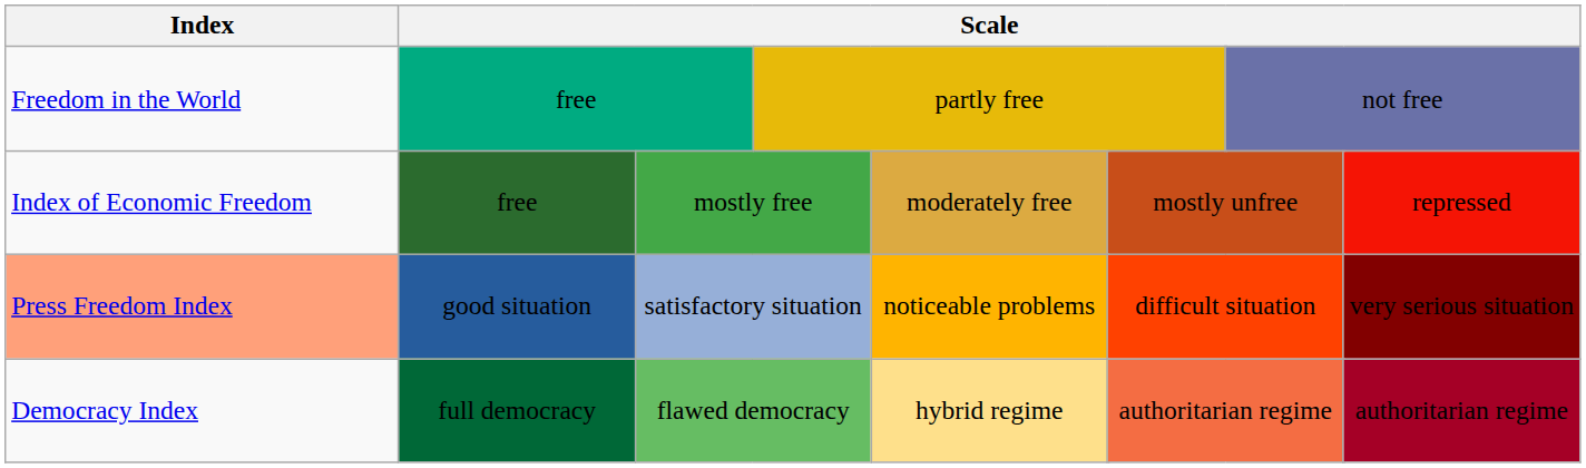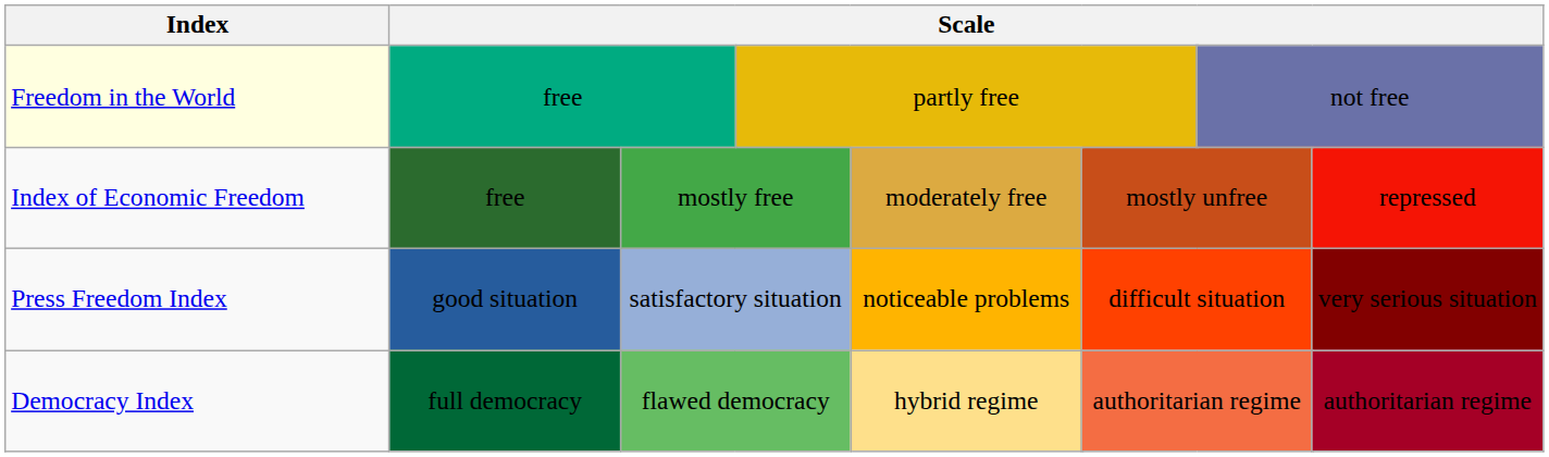 <table class="wikitable" style="text-align:center;">
 <tr>
 <th>Index</th>
 <th colspan="60">Scale</th>
 </tr>
 <tr>
-<td style="width:25%; height:3.5em; text-align:left;"><a href='#'>Freedom in the World</a></td>
+<td style="background: lightyellow; width:25%; height:3.5em; text-align:left;"><a href='#'>Freedom in the World</a></td>
 <td colspan="20"  style="width:25%; background:rgb(0, 171, 129);"><span>free</span></td>
 <td colspan="20"  style="width:25%; background:rgb(231, 186, 9);"><span> partly free</span></td>
 <td colspan="20"  style="width:25%; background:rgb(106, 113, 168);"><span>not free</span></td>
 </tr>
 <tr>
 <td style="width:25%; height:3.5em; text-align:left;"><a href='#'>Index of Economic Freedom</a></td>
 <td colspan="12"  style="width:15%; background:#2b6b2e;"><span> free</span></td>
 <td colspan="12"  style="width:15%; background:#43a847;"><span>mostly free</span></td>
 <td colspan="12"  style="width:15%; background:#dcaa41;"><span>moderately free</span></td>
 <td colspan="12"  style="width:15%; background:#c84e19;"><span>mostly unfree</span></td>
 <td colspan="12"  style="width:15%; background:#f51405;"><span> repressed</span></td>
 </tr>
 <tr>
-<td style="background: lightsalmon; width:25%; height:3.5em; text-align:left;"><a href='#'>Press Freedom Index</a></td>
+<td style="width:25%; height:3.5em; text-align:left;"><a href='#'>Press Freedom Index</a></td>
 <td colspan="12"  style="width:15%; background:rgb(38, 92, 157);"><span>good situation</span></td>
 <td colspan="12"  style="width:15%; background:rgb(150, 175, 216);"><span> satisfactory situation</span></td>
 <td colspan="12"  style="width:15%; background:rgb(255, 180, 0);"><span>noticeable problems</span></td>
 <td colspan="12"  style="width:15%; background:rgb(255, 65, 0);"><span>difficult situation</span></td>
 <td colspan="12"  style="width:15%; background:rgb(130, 0, 0);"><span>very serious situation</span></td>
 </tr>
 <tr>
 <td style="width:25%; height:3.5em; text-align:left;"><a href='#'>Democracy Index</a></td>
 <td colspan="12"  style="width:15%; background:rgb(0, 104, 55);"><span>full democracy</span></td>
 <td colspan="12"  style="width:15%; background:rgb(102, 189, 99);"><span>flawed democracy</span></td>
 <td colspan="12"  style="width:15%; background:rgb(254, 224, 139);"><span> hybrid regime</span></td>
 <td colspan="12"  style="width:15%; background:rgb(244, 109, 67);"><span>authoritarian regime</span></td>
 <td colspan="12"  style="width:15%; background:rgb(165, 0, 38);"><span> authoritarian regime</span></td>
 </tr>
 </table>
